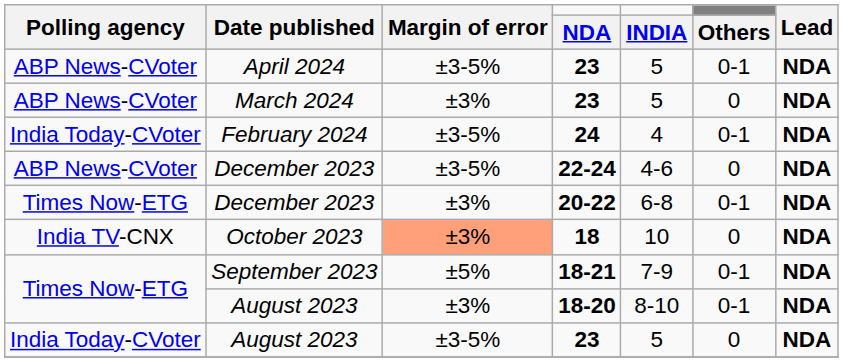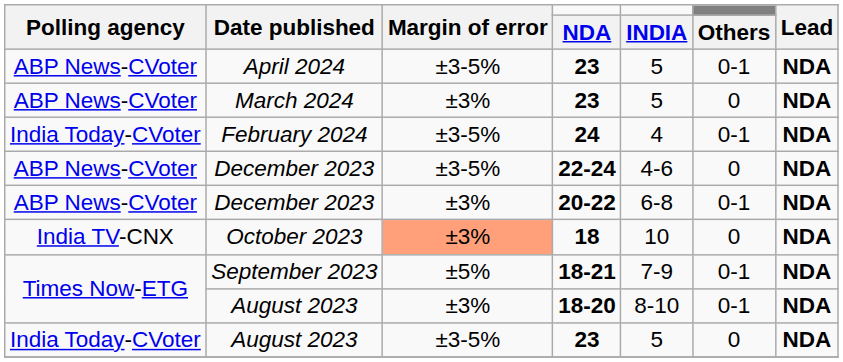 <table class="wikitable sortable" style="text-align:center;font-size:95%;line-height:16px">
 <tr>
 <th rowspan="2">Polling agency</th>
 <th rowspan="2">Date published</th>
 <th rowspan="2">Margin of error</th>
 <td bgcolor=></td>
 <td bgcolor=></td>
 <td bgcolor=grey></td>
 <th rowspan="2">Lead</th>
 </tr>
 <tr>
 <th><a href='#'>NDA</a></th>
 <th><a href='#'>INDIA</a></th>
 <th>Others</th>
 </tr>
 <tr>
 <td><a href='#'>ABP News</a>-<a href='#'>CVoter</a></td>
 <td><em>April 2024</em></td>
 <td>±3-5%</td>
 <td bgcolor=><strong>23</strong></td>
 <td>5</td>
 <td>0-1</td>
 <td bgcolor=><strong>NDA</strong></td>
 </tr>
 <tr>
 <td><a href='#'>ABP News</a>-<a href='#'>CVoter</a></td>
 <td><em>March 2024</em></td>
 <td>±3%</td>
 <td bgcolor=><strong>23</strong></td>
 <td>5</td>
 <td>0</td>
 <td bgcolor=><strong>NDA</strong></td>
 </tr>
 <tr>
 <td><a href='#'>India Today</a>-<a href='#'>CVoter</a></td>
 <td><em>February 2024</em></td>
 <td>±3-5%</td>
 <td bgcolor=><strong>24</strong></td>
 <td>4</td>
 <td>0-1</td>
 <td bgcolor=><strong>NDA</strong></td>
 </tr>
 <tr>
 <td><a href='#'>ABP News</a>-<a href='#'>CVoter</a></td>
 <td><em>December 2023</em></td>
 <td>±3-5%</td>
 <td bgcolor=><strong>22-24</strong></td>
 <td>4-6</td>
 <td>0</td>
 <td bgcolor=><strong>NDA</strong></td>
 </tr>
 <tr>
-<td><a href='#'>Times Now</a>-<a href='#'>ETG</a></td>
+<td><a href='#'>ABP News</a>-<a href='#'>CVoter</a></td>
 <td><em>December 2023</em></td>
 <td>±3%</td>
 <td bgcolor=><strong>20-22</strong></td>
 <td>6-8</td>
 <td>0-1</td>
 <td bgcolor=><strong>NDA</strong></td>
 </tr>
 <tr>
 <td><a href='#'>India TV</a>-CNX</td>
 <td><em>October 2023</em></td>
 <td style="background: lightsalmon;">±3%</td>
 <td bgcolor=><strong>18</strong></td>
 <td>10</td>
 <td>0</td>
 <td bgcolor=><strong>NDA</strong></td>
 </tr>
 <tr>
 <td rowspan="2"><a href='#'>Times Now</a>-<a href='#'>ETG</a></td>
 <td><em>September 2023</em></td>
 <td>±5%</td>
 <td bgcolor=><strong>18-21</strong></td>
 <td>7-9</td>
 <td>0-1</td>
 <td bgcolor=><strong>NDA</strong></td>
 </tr>
 <tr>
 <td><em>August 2023</em></td>
 <td>±3%</td>
 <td bgcolor=><strong>18-20</strong></td>
 <td>8-10</td>
 <td>0-1</td>
 <td bgcolor=><strong>NDA</strong></td>
 </tr>
 <tr>
 <td><a href='#'>India Today</a>-<a href='#'>CVoter</a></td>
 <td><em>August 2023</em></td>
 <td>±3-5%</td>
 <td><strong>23</strong></td>
 <td>5</td>
 <td>0</td>
 <td><strong>NDA</strong></td>
 </tr>
 <tr>
 </tr>
 </table>
